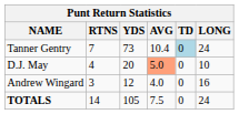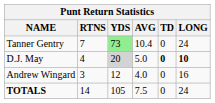 <table class="wikitable sortable collapsible collapsed">
 <tr>
 <th colspan="8">Punt Return Statistics</th>
 </tr>
 <tr>
 <th>NAME</th>
 <th>RTNS</th>
 <th>YDS</th>
 <th>AVG</th>
 <th>TD</th>
 <th>LONG</th>
 </tr>
 <tr>
 <td>Tanner Gentry</td>
 <td>7</td>
-<td>73</td>
+<td style="background: lightgreen;">73</td>
 <td>10.4</td>
-<td style="background: lightblue;">0</td>
+<td>0</td>
 <td>24</td>
 </tr>
 <tr>
 <td>D.J. May</td>
 <td>4</td>
-<td>20</td>
-<td style="background: lightsalmon;">5.0</td>
-<td>0</td>
-<td>10</td>
+<td style="background: lightgrey;">20</td>
+<td>5.0</td>
+<td><strong>0</strong></td>
+<td><strong>10</strong></td>
 </tr>
 <tr>
 <td>Andrew Wingard</td>
 <td>3</td>
 <td>12</td>
 <td>4.0</td>
 <td>0</td>
 <td>16</td>
 </tr>
 <tr>
 <td><strong>TOTALS</strong></td>
 <td>14</td>
 <td>105</td>
 <td>7.5</td>
 <td>0</td>
 <td>24</td>
 </tr>
 </table>
